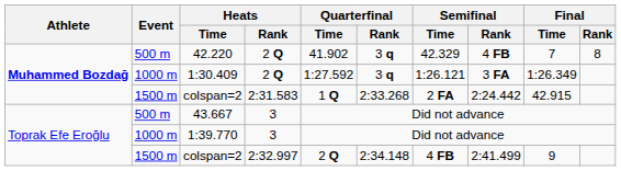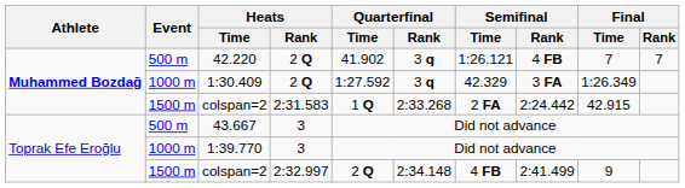 <table class="wikitable" style="font-size:90%">
 <tr>
 <th rowspan=2>Athlete</th>
 <th rowspan=2>Event</th>
 <th colspan=2>Heats</th>
 <th colspan=2>Quarterfinal</th>
 <th colspan=2>Semifinal</th>
 <th colspan=2>Final</th>
 </tr>
 <tr style="font-size:95%">
 <th>Time</th>
 <th>Rank</th>
 <th>Time</th>
 <th>Rank</th>
 <th>Time</th>
 <th>Rank</th>
 <th>Time</th>
 <th>Rank</th>
 </tr>
 <tr align=center>
 <td align=left rowspan=3><strong><a href='#'>Muhammed Bozdağ</a></strong></td>
 <td align=left><a href='#'>500 m</a></td>
 <td>42.220</td>
 <td>2 <strong>Q</strong></td>
 <td>41.902</td>
 <td>3 <strong>q</strong></td>
-<td>42.329</td>
+<td>1:26.121</td>
 <td>4 <strong>FB</strong></td>
 <td>7</td>
-<td>8</td>
+<td>7</td>
 </tr>
 <tr align=center>
 <td align=left><a href='#'>1000 m</a></td>
 <td>1:30.409</td>
 <td>2 <strong>Q</strong></td>
 <td>1:27.592</td>
 <td>3 <strong>q</strong></td>
-<td>1:26.121</td>
+<td>42.329</td>
 <td>3 <strong>FA</strong></td>
 <td>1:26.349</td>
 <td></td>
 </tr>
 <tr align=center>
 <td align=left><a href='#'>1500 m</a></td>
 <td>colspan=2</td>
 <td>2:31.583</td>
 <td>1 <strong>Q</strong></td>
 <td>2:33.268</td>
 <td>2 <strong>FA</strong></td>
 <td>2:24.442</td>
 <td>42.915</td>
 </tr>
 <tr align=center>
 <td align=left rowspan=3><a href='#'>Toprak Efe Eroğlu</a></td>
 <td align=left><a href='#'>500 m</a></td>
 <td>43.667</td>
 <td>3</td>
 <td colspan=6>Did not advance</td>
 </tr>
 <tr align=center>
 <td align=left><a href='#'>1000 m</a></td>
 <td>1:39.770</td>
 <td>3</td>
 <td colspan=6>Did not advance</td>
 </tr>
 <tr align=center>
 <td align=left><a href='#'>1500 m</a></td>
 <td>colspan=2</td>
 <td>2:32.997</td>
 <td>2 <strong>Q</strong></td>
 <td>2:34.148</td>
 <td>4 <strong>FB</strong></td>
 <td>2:41.499</td>
 <td>9</td>
 </tr>
 </table>
